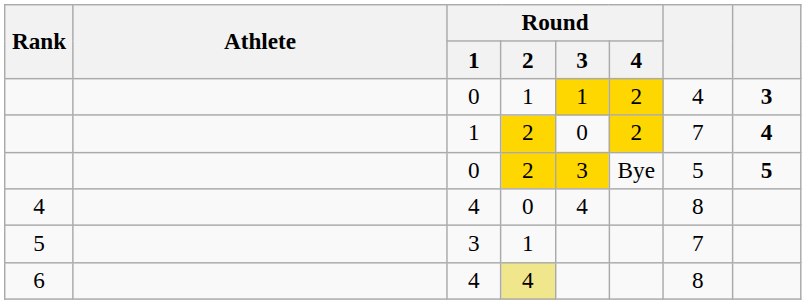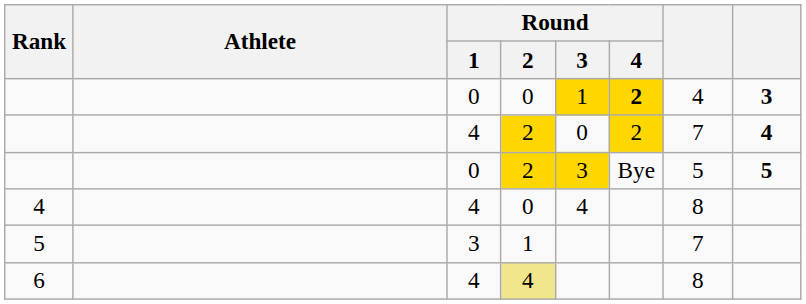 <table class="wikitable" style="text-align: center;">
 <tr>
 <th rowspan="2" width=40>Rank</th>
 <th rowspan="2" width=250>Athlete</th>
 <th colspan="4">Round</th>
 <th rowspan="2" width=40></th>
 <th rowspan="2" width=40></th>
 </tr>
 <tr>
 <th width=30>1</th>
 <th width=30>2</th>
 <th width=30>3</th>
 <th width=30>4</th>
 </tr>
 <tr>
 <td></td>
 <td align="left"></td>
 <td>0</td>
-<td>1</td>
+<td>0</td>
 <td bgcolor=gold>1</td>
-<td bgcolor=gold>2</td>
+<td bgcolor=gold><strong>2</strong></td>
 <td>4</td>
 <td><strong>3</strong></td>
 </tr>
 <tr>
 <td></td>
 <td align="left"></td>
-<td>1</td>
+<td>4</td>
 <td bgcolor=gold>2</td>
 <td>0</td>
 <td bgcolor=gold>2</td>
 <td>7</td>
 <td><strong>4</strong></td>
 </tr>
 <tr>
 <td></td>
 <td align="left"></td>
 <td>0</td>
 <td bgcolor=gold>2</td>
 <td bgcolor=gold>3</td>
 <td>Bye</td>
 <td>5</td>
 <td><strong>5</strong></td>
 </tr>
 <tr>
 <td>4</td>
 <td align="left"></td>
 <td>4</td>
 <td>0</td>
 <td>4</td>
 <td></td>
 <td>8</td>
 <td></td>
 </tr>
 <tr>
 <td>5</td>
 <td align="left"></td>
 <td>3</td>
 <td>1</td>
 <td></td>
 <td></td>
 <td>7</td>
 <td></td>
 </tr>
 <tr>
 <td>6</td>
 <td align="left"></td>
 <td>4</td>
 <td style="background: khaki;">4</td>
 <td></td>
 <td></td>
 <td>8</td>
 <td></td>
 </tr>
 </table>
